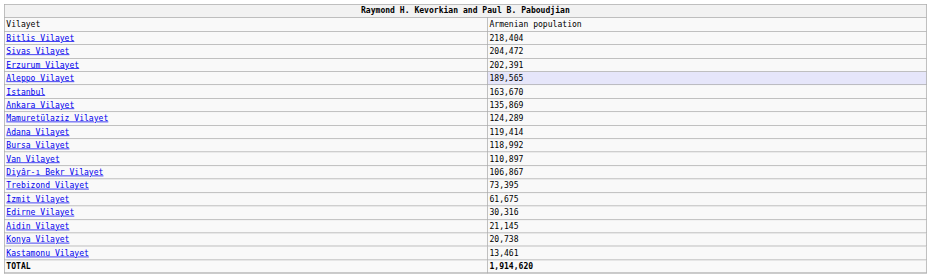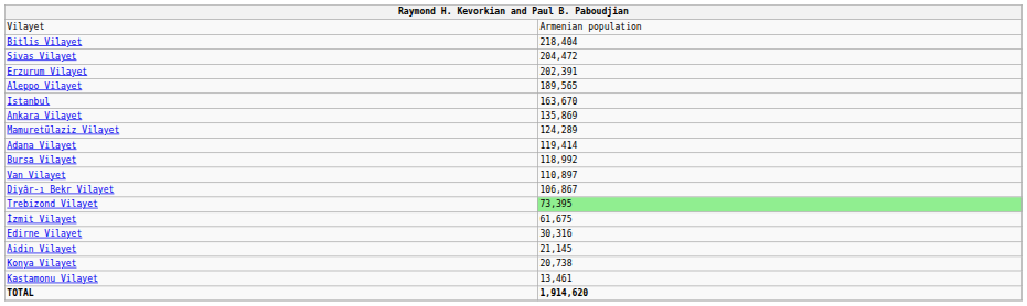 <table class="wikitable collapsible collapsed" style="font-size:85%;width:100%;">
 <tr>
 <th colspan=2>Raymond H. Kevorkian and Paul B. Paboudjian </th>
 </tr>
 <tr>
 <td>Vilayet</td>
 <td>Armenian population</td>
 </tr>
 <tr>
 <td><a href='#'>Bitlis Vilayet</a></td>
 <td>218,404</td>
 </tr>
 <tr>
 <td><a href='#'>Sivas Vilayet</a></td>
 <td>204,472</td>
 </tr>
 <tr>
 <td><a href='#'>Erzurum Vilayet</a></td>
 <td>202,391</td>
 </tr>
 <tr>
 <td><a href='#'>Aleppo Vilayet</a></td>
-<td style="background: lavender;">189,565</td>
+<td>189,565</td>
 </tr>
 <tr>
 <td><a href='#'>Istanbul</a></td>
 <td>163,670</td>
 </tr>
 <tr>
 <td><a href='#'>Ankara Vilayet</a></td>
 <td>135,869</td>
 </tr>
 <tr>
 <td><a href='#'>Mamuretülaziz Vilayet</a></td>
 <td>124,289</td>
 </tr>
 <tr>
 <td><a href='#'>Adana Vilayet</a></td>
 <td>119,414</td>
 </tr>
 <tr>
 <td><a href='#'>Bursa Vilayet</a></td>
 <td>118,992</td>
 </tr>
 <tr>
 <td><a href='#'>Van Vilayet</a></td>
 <td>110,897</td>
 </tr>
 <tr>
 <td><a href='#'>Diyâr-ı Bekr Vilayet</a></td>
 <td>106,867</td>
 </tr>
 <tr>
 <td><a href='#'>Trebizond Vilayet</a></td>
-<td>73,395</td>
+<td style="background: lightgreen;">73,395</td>
 </tr>
 <tr>
 <td><a href='#'>İzmit Vilayet</a></td>
 <td>61,675</td>
 </tr>
 <tr>
 <td><a href='#'>Edirne Vilayet</a></td>
 <td>30,316</td>
 </tr>
 <tr>
 <td><a href='#'>Aidin Vilayet</a></td>
 <td>21,145</td>
 </tr>
 <tr>
 <td><a href='#'>Konya Vilayet</a></td>
 <td>20,738</td>
 </tr>
 <tr>
 <td><a href='#'>Kastamonu Vilayet</a></td>
 <td>13,461</td>
 </tr>
 <tr>
 <td><strong>TOTAL</strong></td>
 <td><strong>1,914,620</strong></td>
 </tr>
 <tr>
 </tr>
 </table>
